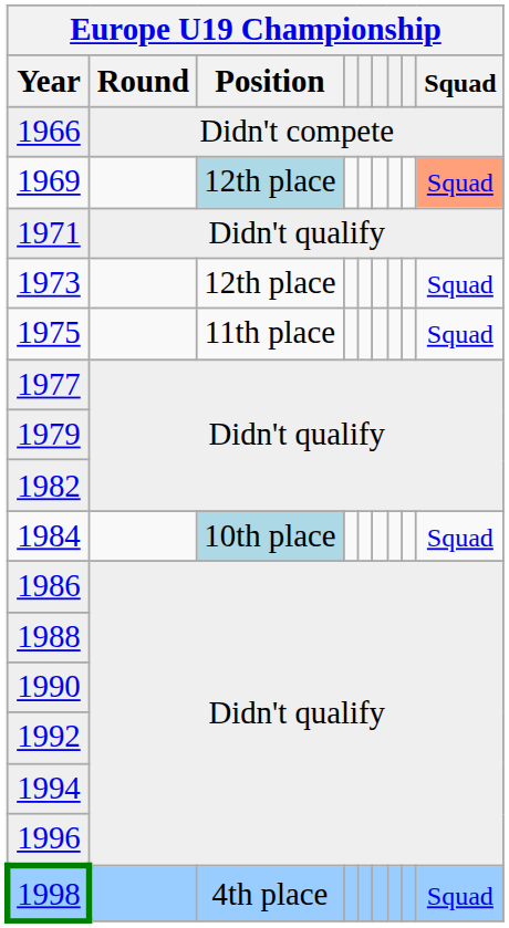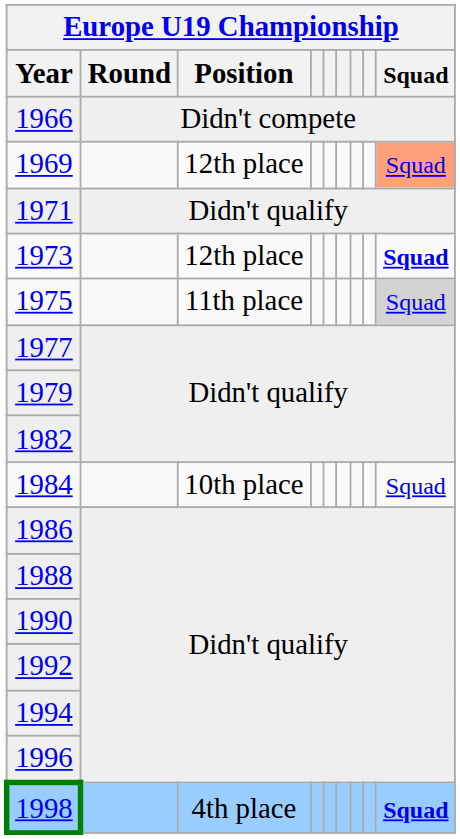 <table class="wikitable" style="text-align: center;">
 <tr>
 <th colspan=9><a href='#'>Europe U19 Championship</a></th>
 </tr>
 <tr>
 <th>Year</th>
 <th>Round</th>
 <th>Position</th>
 <th></th>
 <th></th>
 <th></th>
 <th></th>
 <th></th>
 <th><small>Squad</small></th>
 </tr>
 <tr bgcolor="efefef">
 <td> <a href='#'>1966</a></td>
 <td Colspan=9>Didn't compete</td>
 </tr>
 <tr>
 <td> <a href='#'>1969</a></td>
 <td></td>
-<td style="background: lightblue;">12th place</td>
+<td>12th place</td>
 <td></td>
 <td></td>
 <td></td>
 <td></td>
 <td></td>
 <td style="background: lightsalmon;"><small> <a href='#'>Squad</a></small></td>
 </tr>
 <tr bgcolor="efefef">
 <td> <a href='#'>1971</a></td>
 <td colspan="9">Didn't qualify</td>
 </tr>
 <tr>
 <td> <a href='#'>1973</a></td>
 <td></td>
 <td>12th place</td>
 <td></td>
 <td></td>
 <td></td>
 <td></td>
 <td></td>
-<td><small> <a href='#'>Squad</a></small></td>
+<td><strong><small> <a href='#'>Squad</a></small></strong></td>
 </tr>
 <tr>
 <td> <a href='#'>1975</a></td>
 <td></td>
 <td>11th place</td>
 <td></td>
 <td></td>
 <td></td>
 <td></td>
 <td></td>
-<td><small> <a href='#'>Squad</a></small></td>
+<td style="background: lightgrey;"><small> <a href='#'>Squad</a></small></td>
 </tr>
 <tr bgcolor="efefef">
 <td> <a href='#'>1977</a></td>
 <td rowspan="3" colspan="9">Didn't qualify</td>
 </tr>
 <tr bgcolor="efefef">
 <td> <a href='#'>1979</a></td>
 </tr>
 <tr bgcolor="efefef">
 <td> <a href='#'>1982</a></td>
 </tr>
 <tr>
 <td> <a href='#'>1984</a></td>
 <td></td>
-<td style="background: lightblue;">10th place</td>
+<td>10th place</td>
 <td></td>
 <td></td>
 <td></td>
 <td></td>
 <td></td>
 <td><small> <a href='#'>Squad</a></small></td>
 </tr>
 <tr bgcolor="efefef">
 <td> <a href='#'>1986</a></td>
 <td colspan="9" rowspan="6">Didn't qualify</td>
 </tr>
 <tr bgcolor="efefef">
 <td> <a href='#'>1988</a></td>
 </tr>
 <tr bgcolor="efefef">
 <td> <a href='#'>1990</a></td>
 </tr>
 <tr bgcolor="efefef">
 <td> <a href='#'>1992</a></td>
 </tr>
 <tr bgcolor="efefef">
 <td> <a href='#'>1994</a></td>
 </tr>
 <tr bgcolor="efefef">
 <td> <a href='#'>1996</a></td>
 </tr>
 <tr bgcolor=9acdff>
 <td style="border:3px solid green"> <a href='#'>1998</a></td>
 <td></td>
 <td>4th place</td>
 <td></td>
 <td></td>
 <td></td>
 <td></td>
 <td></td>
-<td><small> <a href='#'>Squad</a></small></td>
+<td><strong><small> <a href='#'>Squad</a></small></strong></td>
 </tr>
 </table>
